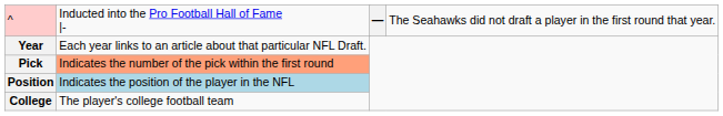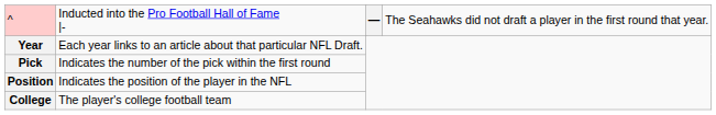 <table class="wikitable">
 <tr>
 <td style="background-color:#FFCCCC">^</td>
 <td colspan="3">Inducted into the <a href='#'>Pro Football Hall of Fame</a><br>|-</td>
 <th scope="row">—</th>
 <td>The Seahawks did not draft a player in the first round that year.</td>
 </tr>
 <tr>
 <th scope="row">Year</th>
 <td>Each year links to an article about that particular NFL Draft.</td>
 </tr>
 <tr>
 <th scope="row">Pick</th>
-<td style="background: lightsalmon;">Indicates the number of the pick within the first round</td>
+<td>Indicates the number of the pick within the first round</td>
 </tr>
 <tr>
 <th scope="row">Position</th>
-<td style="background: lightblue;">Indicates the position of the player in the NFL</td>
+<td>Indicates the position of the player in the NFL</td>
 </tr>
 <tr>
 <th scope="row">College</th>
 <td>The player's college football team</td>
 </tr>
 </table>
